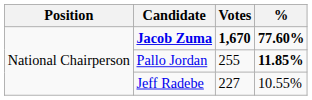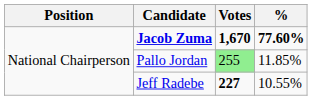 <table class="wikitable">
 <tr>
 <th>Position</th>
 <th>Candidate</th>
 <th>Votes</th>
 <th>%</th>
 </tr>
 <tr>
 <td rowspan="3">National Chairperson</td>
 <td><strong><a href='#'>Jacob Zuma</a></strong></td>
 <td><strong>1,670</strong></td>
 <td><strong>77.60%</strong></td>
 </tr>
 <tr>
 <td><a href='#'>Pallo Jordan</a></td>
-<td>255</td>
-<td><strong>11.85%</strong></td>
+<td style="background: lightgreen;">255</td>
+<td>11.85%</td>
 </tr>
 <tr>
 <td><a href='#'>Jeff Radebe</a></td>
-<td>227</td>
+<td><strong>227</strong></td>
 <td>10.55%</td>
 </tr>
 </table>
